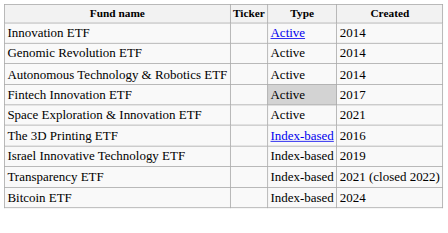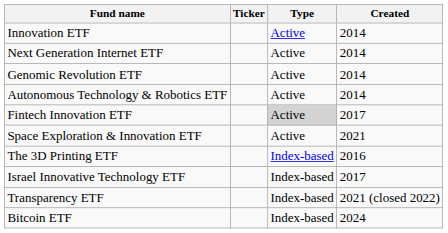 <table class="wikitable sortable">
 <tr style="font-size:14px;">
 <th>Fund name</th>
 <th>Ticker</th>
 <th>Type</th>
 <th>Created</th>
 </tr>
 <tr>
 <td>Innovation ETF</td>
 <td></td>
 <td><a href='#'>Active</a></td>
+<td>2014</td>
+</tr>
+<tr>
+<td>Next Generation Internet ETF</td>
+<td></td>
+<td>Active</td>
 <td>2014</td>
 </tr>
 <tr>
 <td>Genomic Revolution ETF</td>
 <td></td>
 <td>Active</td>
 <td>2014</td>
 </tr>
 <tr>
 <td>Autonomous Technology & Robotics ETF</td>
 <td></td>
 <td>Active</td>
 <td>2014</td>
 </tr>
 <tr>
 <td>Fintech Innovation ETF</td>
 <td></td>
 <td style="background: lightgrey;">Active</td>
 <td>2017</td>
 </tr>
 <tr>
 <td>Space Exploration & Innovation ETF</td>
 <td></td>
 <td>Active</td>
 <td>2021</td>
 </tr>
 <tr>
 <td>The 3D Printing ETF</td>
 <td></td>
 <td><a href='#'>Index-based</a></td>
 <td>2016</td>
 </tr>
 <tr>
 <td>Israel Innovative Technology ETF</td>
 <td></td>
 <td>Index-based</td>
-<td>2019</td>
+<td>2017</td>
 </tr>
 <tr>
 <td>Transparency ETF</td>
 <td></td>
 <td>Index-based</td>
 <td>2021 (closed 2022)</td>
 </tr>
 <tr>
 <td>Bitcoin ETF</td>
 <td></td>
 <td>Index-based</td>
 <td>2024</td>
 </tr>
 </table>
